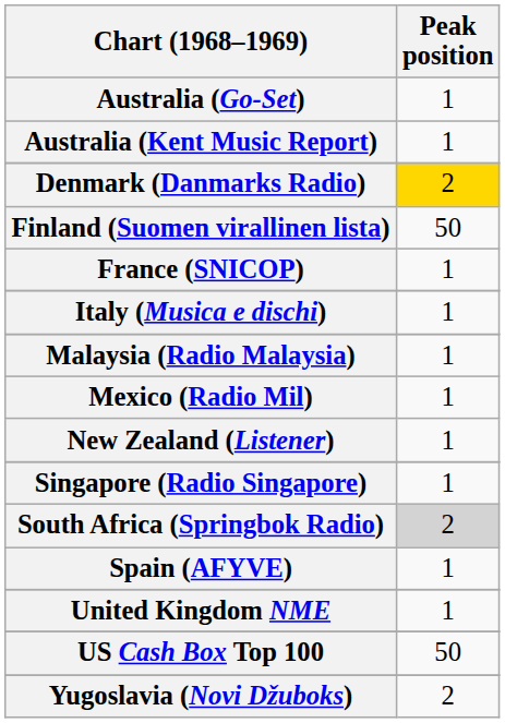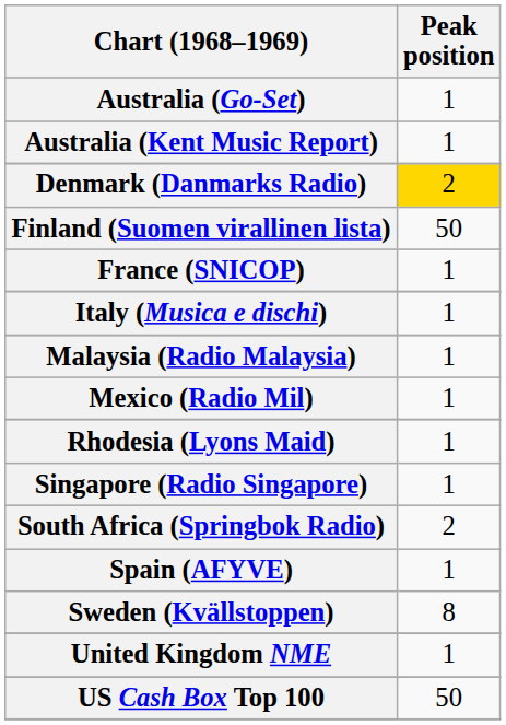 <table class="wikitable sortable plainrowheaders" style="text-align:center">
 <tr>
 <th>Chart (1968–1969)</th>
 <th>Peak<br>position</th>
 </tr>
 <tr>
 <th scope="row">Australia (<em><a href='#'>Go-Set</a></em>)</th>
 <td>1</td>
 </tr>
 <tr>
 <th scope="row">Australia (<a href='#'>Kent Music Report</a>)</th>
 <td>1</td>
 </tr>
 <tr>
 </tr>
 <tr>
 </tr>
 <tr>
 </tr>
 <tr>
 </tr>
 <tr>
 <th scope="row">Denmark (<a href='#'>Danmarks Radio</a>)</th>
 <td style="background: gold;">2</td>
 </tr>
 <tr>
 <th scope="row">Finland (<a href='#'>Suomen virallinen lista</a>)</th>
 <td>50</td>
 </tr>
 <tr>
 <th scope="row">France (<a href='#'>SNICOP</a>)</th>
 <td>1</td>
 </tr>
 <tr>
 </tr>
 <tr>
 <th scope="row">Italy (<em><a href='#'>Musica e dischi</a></em>)</th>
 <td>1</td>
 </tr>
 <tr>
 </tr>
 <tr>
 </tr>
 <tr>
 <th scope="row">Malaysia (<a href='#'>Radio Malaysia</a>)</th>
 <td>1</td>
 </tr>
 <tr>
 <th scope="row">Mexico (<a href='#'>Radio Mil</a>)</th>
 <td>1</td>
 </tr>
 <tr>
-<th scope="row">New Zealand (<em><a href='#'>Listener</a></em>)</th>
-<td>1</td>
 </tr>
 <tr>
+<th scope="row">Rhodesia (<a href='#'>Lyons Maid</a>)</th>
+<td>1</td>
 </tr>
 <tr>
 <th scope="row">Singapore (<a href='#'>Radio Singapore</a>)</th>
 <td>1</td>
 </tr>
 <tr>
 <th scope="row">South Africa (<a href='#'>Springbok Radio</a>)</th>
-<td style="background: lightgrey;">2</td>
+<td>2</td>
 </tr>
 <tr>
 <th scope="row">Spain (<a href='#'>AFYVE</a>)</th>
 <td align="center">1</td>
+</tr>
+<tr>
+<th scope="row">Sweden (<a href='#'>Kvällstoppen</a>)</th>
+<td>8</td>
 </tr>
 <tr>
 </tr>
 <tr>
 <th scope="row">United Kingdom <a href='#'><em>NME</em></a></th>
 <td>1</td>
 </tr>
 <tr>
 </tr>
 <tr>
 </tr>
 <tr>
 <th scope="row">US <a href='#'><em>Cash Box</em></a> Top 100</th>
 <td>50</td>
 </tr>
 <tr>
 </tr>
-<tr>
-<th scope="row">Yugoslavia (<a href='#'><em>Novi Džuboks</em></a>)</th>
-<td>2</td>
-</tr>
 </table>
